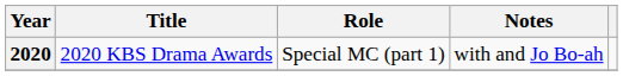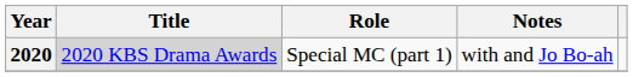 <table class="wikitable sortable plainrowheaders">
 <tr>
 <th scope="col">Year</th>
 <th scope="col">Title</th>
 <th scope="col">Role</th>
 <th scope="col">Notes</th>
 <th scope="col" class="unsortable"></th>
 </tr>
 <tr>
 <th scope="row">2020</th>
-<td><a href='#'>2020 KBS Drama Awards</a></td>
+<td style="background: lightgrey;"><a href='#'>2020 KBS Drama Awards</a></td>
 <td>Special MC (part 1)</td>
 <td>with  and <a href='#'>Jo Bo-ah</a></td>
 <td></td>
 </tr>
 <tr>
 </tr>
 </table>
